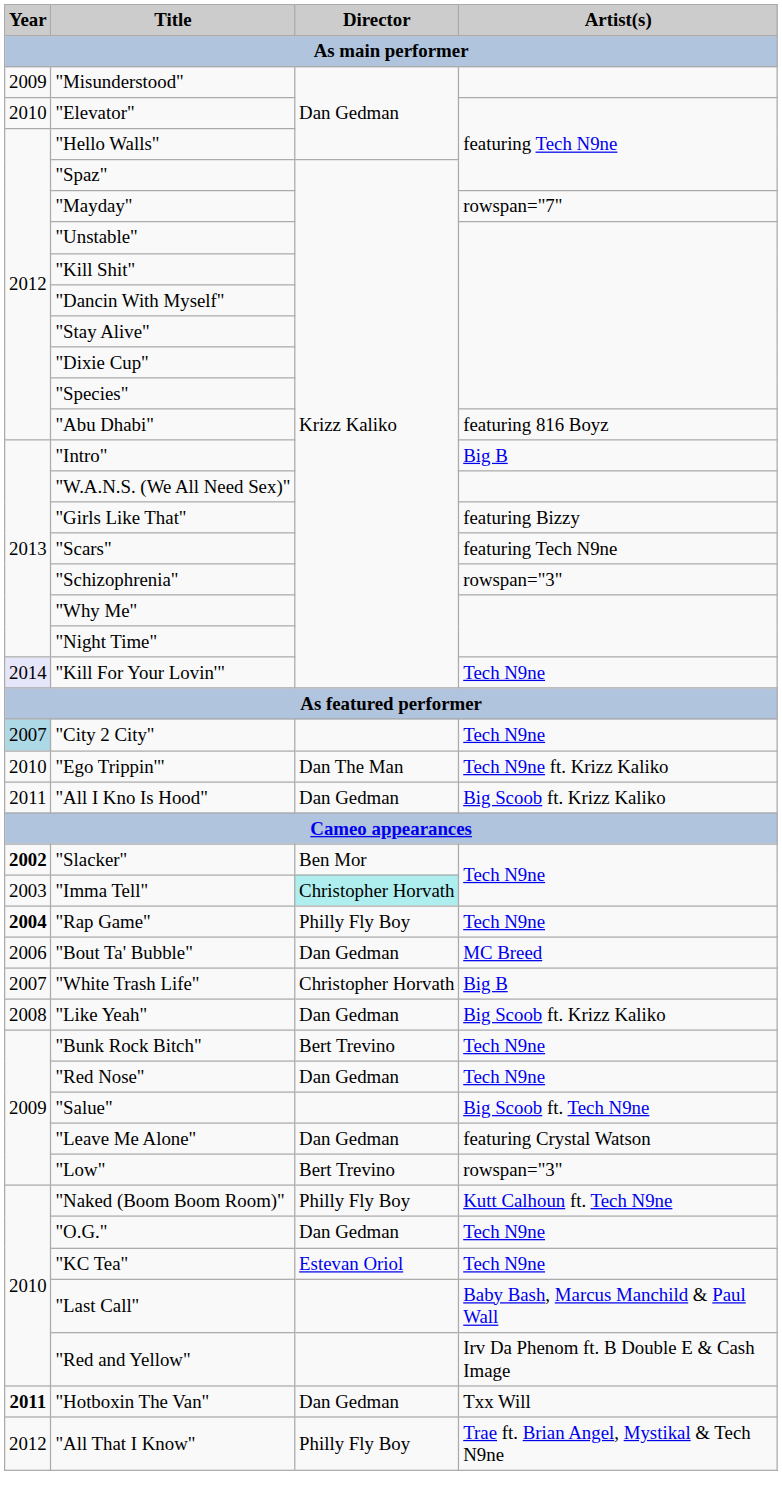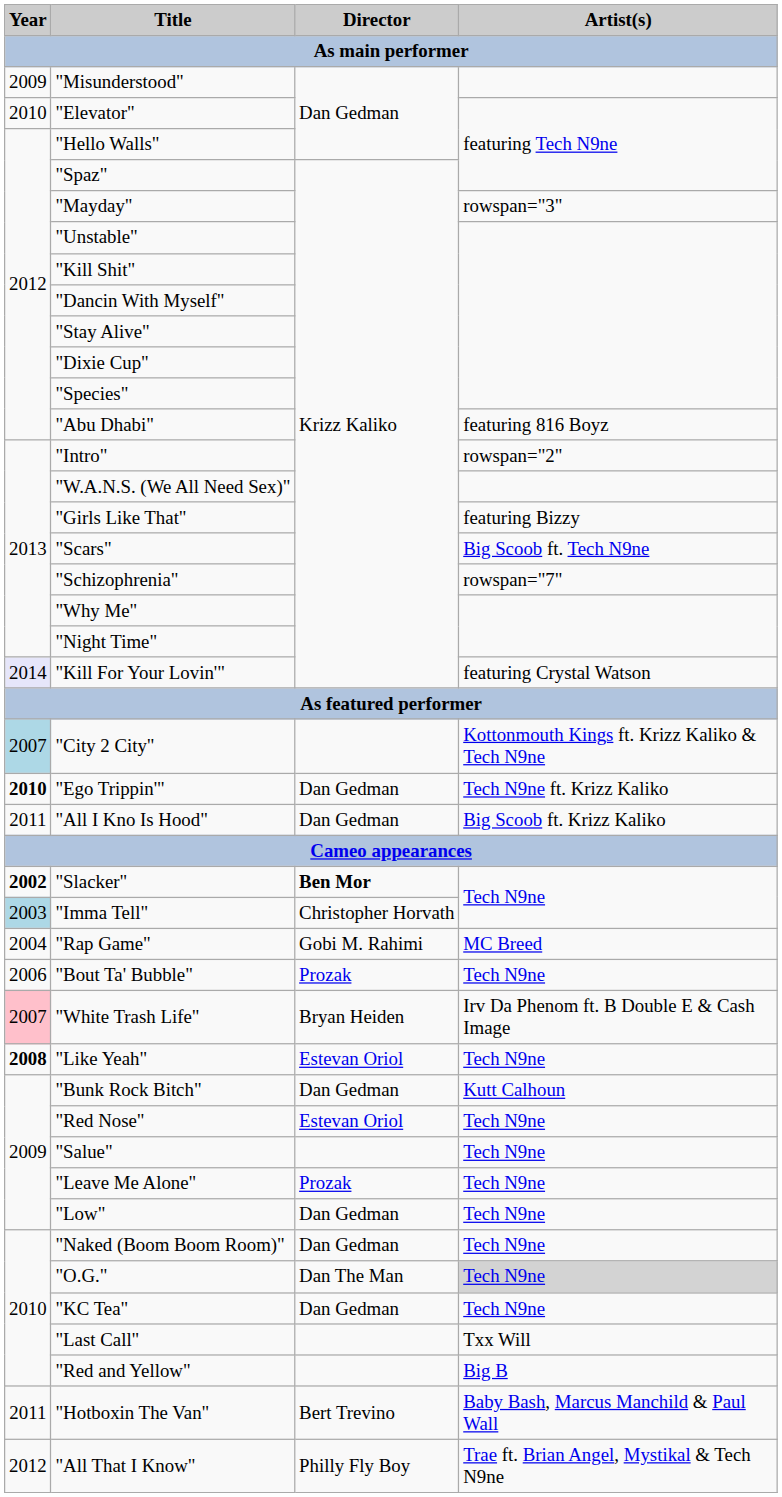 <table class="wikitable" style="font-size:95%">
 <tr style="text-align:center;">
 <th style="background:#ccc;">Year</th>
 <th style="background:#ccc;">Title</th>
 <th style="background:#ccc;">Director</th>
 <th style="background:#ccc;width:250px">Artist(s)</th>
 </tr>
 <tr style="text-align:center;">
 <th colspan="5" style="background:#B0C4DE;">As main performer</th>
 </tr>
 <tr>
 <td style="text-align:center;">2009</td>
 <td>"Misunderstood"</td>
 <td rowspan="3">Dan Gedman</td>
 <td></td>
 </tr>
 <tr>
 <td style="text-align:center;">2010</td>
 <td>"Elevator"</td>
 <td rowspan="3">featuring <a href='#'>Tech N9ne</a></td>
 </tr>
 <tr>
 <td rowspan="10" style="text-align:center;">2012</td>
 <td>"Hello Walls"</td>
 </tr>
 <tr>
 <td>"Spaz"</td>
 <td rowspan="17">Krizz Kaliko</td>
 </tr>
 <tr>
 <td>"Mayday"</td>
-<td>rowspan="7" </td>
+<td>rowspan="3" </td>
 </tr>
 <tr>
 <td>"Unstable"</td>
 </tr>
 <tr>
 <td>"Kill Shit"</td>
 </tr>
 <tr>
 <td>"Dancin With Myself"</td>
 </tr>
 <tr>
 <td>"Stay Alive"</td>
 </tr>
 <tr>
 <td>"Dixie Cup"</td>
 </tr>
 <tr>
 <td>"Species"</td>
 </tr>
 <tr>
 <td>"Abu Dhabi"</td>
 <td>featuring 816 Boyz</td>
 </tr>
 <tr>
 <td rowspan="7" style="text-align:center;">2013</td>
 <td>"Intro"</td>
-<td><a href='#'>Big B</a></td>
+<td>rowspan="2" </td>
 </tr>
 <tr>
 <td>"W.A.N.S. (We All Need Sex)"</td>
 </tr>
 <tr>
 <td>"Girls Like That"</td>
 <td>featuring Bizzy</td>
 </tr>
 <tr>
 <td>"Scars"</td>
-<td>featuring Tech N9ne</td>
+<td><a href='#'>Big Scoob</a> ft. <a href='#'>Tech N9ne</a></td>
 </tr>
 <tr>
 <td>"Schizophrenia"</td>
-<td>rowspan="3" </td>
+<td>rowspan="7" </td>
 </tr>
 <tr>
 <td>"Why Me"</td>
 </tr>
 <tr>
 <td>"Night Time"</td>
 </tr>
 <tr>
 <td style="background: lavender; text-align:center;">2014</td>
 <td>"Kill For Your Lovin'"</td>
-<td><a href='#'>Tech N9ne</a></td>
+<td>featuring Crystal Watson</td>
 </tr>
 <tr>
 <th colspan="5" style="background:#B0C4DE;">As featured performer</th>
 </tr>
 <tr>
 <td style="background: lightblue; text-align:center;">2007</td>
 <td>"City 2 City"</td>
 <td></td>
-<td><a href='#'>Tech N9ne</a></td>
+<td><a href='#'>Kottonmouth Kings</a> ft. Krizz Kaliko & <a href='#'>Tech N9ne</a></td>
 </tr>
 <tr>
-<td style="text-align:center;">2010</td>
+<td style="text-align:center;"><strong>2010</strong></td>
 <td>"Ego Trippin'"</td>
-<td>Dan The Man</td>
+<td>Dan Gedman</td>
 <td><a href='#'>Tech N9ne</a> ft. Krizz Kaliko</td>
 </tr>
 <tr>
 <td style="text-align:center;">2011</td>
 <td>"All I Kno Is Hood"</td>
 <td>Dan Gedman</td>
 <td><a href='#'>Big Scoob</a> ft. Krizz Kaliko</td>
 </tr>
 <tr style="text-align:center;">
 <th colspan="5" style="background:#B0C4DE;"><a href='#'>Cameo appearances</a></th>
 </tr>
 <tr>
 <td style="text-align:center;"><strong>2002</strong></td>
 <td>"Slacker"</td>
-<td>Ben Mor</td>
+<td><strong>Ben Mor</strong></td>
 <td rowspan="2"><a href='#'>Tech N9ne</a></td>
 </tr>
 <tr>
-<td style="text-align:center;">2003</td>
+<td style="background: lightblue; text-align:center;">2003</td>
 <td>"Imma Tell"</td>
-<td style="background: paleturquoise;">Christopher Horvath</td>
+<td>Christopher Horvath</td>
 </tr>
 <tr>
-<td style="text-align:center;"><strong>2004</strong></td>
+<td style="text-align:center;">2004</td>
 <td>"Rap Game"</td>
-<td>Philly Fly Boy</td>
-<td><a href='#'>Tech N9ne</a></td>
+<td>Gobi M. Rahimi</td>
+<td><a href='#'>MC Breed</a></td>
 </tr>
 <tr>
 <td style="text-align:center;">2006</td>
 <td>"Bout Ta' Bubble"</td>
-<td>Dan Gedman</td>
-<td><a href='#'>MC Breed</a></td>
+<td><a href='#'>Prozak</a></td>
+<td><a href='#'>Tech N9ne</a></td>
 </tr>
 <tr>
-<td style="text-align:center;">2007</td>
+<td style="background: pink; text-align:center;">2007</td>
 <td>"White Trash Life"</td>
-<td>Christopher Horvath</td>
-<td><a href='#'>Big B</a></td>
+<td>Bryan Heiden</td>
+<td>Irv Da Phenom ft. B Double E & Cash Image</td>
 </tr>
 <tr>
-<td style="text-align:center;">2008</td>
+<td style="text-align:center;"><strong>2008</strong></td>
 <td>"Like Yeah"</td>
-<td>Dan Gedman</td>
-<td><a href='#'>Big Scoob</a> ft. Krizz Kaliko</td>
+<td><a href='#'>Estevan Oriol</a></td>
+<td><a href='#'>Tech N9ne</a></td>
 </tr>
 <tr>
 <td rowspan="5" style="text-align:center;">2009</td>
 <td>"Bunk Rock Bitch"</td>
-<td>Bert Trevino</td>
-<td><a href='#'>Tech N9ne</a></td>
+<td>Dan Gedman</td>
+<td><a href='#'>Kutt Calhoun</a></td>
 </tr>
 <tr>
 <td>"Red Nose"</td>
-<td>Dan Gedman</td>
+<td><a href='#'>Estevan Oriol</a></td>
 <td><a href='#'>Tech N9ne</a></td>
 </tr>
 <tr>
 <td>"Salue"</td>
 <td></td>
-<td><a href='#'>Big Scoob</a> ft. <a href='#'>Tech N9ne</a></td>
+<td><a href='#'>Tech N9ne</a></td>
 </tr>
 <tr>
 <td>"Leave Me Alone"</td>
-<td>Dan Gedman</td>
-<td>featuring Crystal Watson</td>
+<td><a href='#'>Prozak</a></td>
+<td><a href='#'>Tech N9ne</a></td>
 </tr>
 <tr>
 <td>"Low"</td>
-<td>Bert Trevino</td>
-<td>rowspan="3" </td>
+<td>Dan Gedman</td>
+<td><a href='#'>Tech N9ne</a></td>
 </tr>
 <tr>
 <td rowspan="5" style="text-align:center;">2010</td>
 <td>"Naked (Boom Boom Room)"</td>
-<td>Philly Fly Boy</td>
-<td><a href='#'>Kutt Calhoun</a> ft. <a href='#'>Tech N9ne</a></td>
-</tr>
-<tr>
-<td>"O.G."</td>
 <td>Dan Gedman</td>
 <td><a href='#'>Tech N9ne</a></td>
 </tr>
 <tr>
+<td>"O.G."</td>
+<td>Dan The Man</td>
+<td style="background: lightgrey;"><a href='#'>Tech N9ne</a></td>
+</tr>
+<tr>
 <td>"KC Tea"</td>
-<td><a href='#'>Estevan Oriol</a></td>
+<td>Dan Gedman</td>
 <td><a href='#'>Tech N9ne</a></td>
 </tr>
 <tr>
 <td>"Last Call"</td>
 <td></td>
-<td><a href='#'>Baby Bash</a>, <a href='#'>Marcus Manchild</a> & <a href='#'>Paul Wall</a></td>
+<td>Txx Will</td>
 </tr>
 <tr>
 <td>"Red and Yellow"</td>
 <td></td>
-<td>Irv Da Phenom ft. B Double E & Cash Image</td>
+<td><a href='#'>Big B</a></td>
 </tr>
 <tr>
-<td rowspan="1" style="text-align:center;"><strong>2011</strong></td>
+<td rowspan="1" style="text-align:center;">2011</td>
 <td>"Hotboxin The Van"</td>
-<td>Dan Gedman</td>
-<td>Txx Will</td>
+<td>Bert Trevino</td>
+<td><a href='#'>Baby Bash</a>, <a href='#'>Marcus Manchild</a> & <a href='#'>Paul Wall</a></td>
 </tr>
 <tr>
 <td style="text-align:center;">2012</td>
 <td>"All That I Know"</td>
 <td>Philly Fly Boy</td>
 <td><a href='#'>Trae</a> ft. <a href='#'>Brian Angel</a>, <a href='#'>Mystikal</a> & Tech N9ne</td>
 </tr>
 </table>
